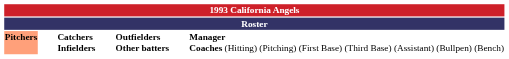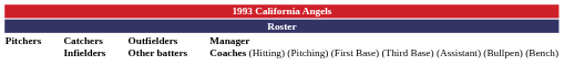 <table class="toccolours" style="font-size: 95%;">
 <tr>
 <th colspan="10" style="background-color: #CE2029; color: white; text-align: center;">1993 California Angels</th>
 </tr>
 <tr>
 <td colspan="10" style="background-color:#333366; color: white; text-align: center;"><strong>Roster</strong></td>
 </tr>
 <tr>
-<td valign="top" style="background: lightsalmon;"><strong>Pitchers</strong><br>                     </td>
+<td valign="top"><strong>Pitchers</strong><br>                     </td>
 <td width="25px"></td>
 <td valign="top"><strong>Catchers</strong><br>     <strong>Infielders</strong>            </td>
 <td width="25px"></td>
 <td valign="top"><strong>Outfielders</strong><br>      <strong>Other batters</strong> </td>
 <td width="25px"></td>
 <td valign="top"><strong>Manager</strong><br> <strong>Coaches</strong>  (Hitting)  (Pitching)  (First Base)  (Third Base)  (Assistant)  (Bullpen)  (Bench)</td>
 </tr>
 </table>
